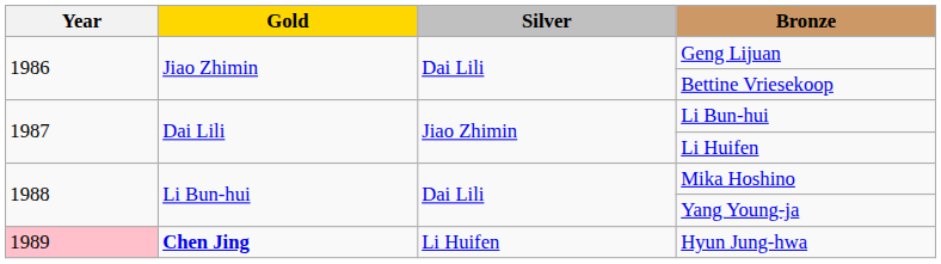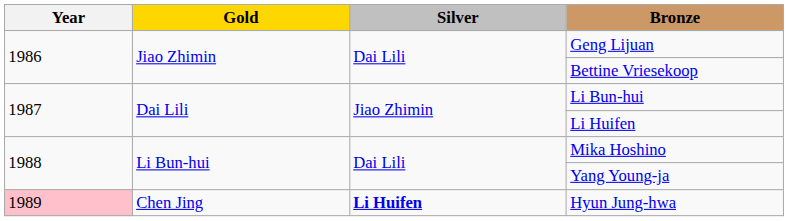 <table class="wikitable" style="text-align: left; width: 750px;">
 <tr>
 <th width="100">Year</th>
 <th width="175" style="background-color: gold">Gold</th>
 <th width="175" style="background-color: silver">Silver</th>
 <th width="175" style="background-color: #cc9966">Bronze</th>
 </tr>
 <tr>
 <td rowspan=2>1986</td>
 <td rowspan=2> <a href='#'>Jiao Zhimin</a></td>
 <td rowspan=2> <a href='#'>Dai Lili</a></td>
 <td> <a href='#'>Geng Lijuan</a></td>
 </tr>
 <tr>
 <td> <a href='#'>Bettine Vriesekoop</a></td>
 </tr>
 <tr>
 <td rowspan=2>1987</td>
 <td rowspan=2> <a href='#'>Dai Lili</a></td>
 <td rowspan=2> <a href='#'>Jiao Zhimin</a></td>
 <td> <a href='#'>Li Bun-hui</a></td>
 </tr>
 <tr>
 <td> <a href='#'>Li Huifen</a></td>
 </tr>
 <tr>
 <td rowspan=2>1988</td>
 <td rowspan=2> <a href='#'>Li Bun-hui</a></td>
 <td rowspan=2> <a href='#'>Dai Lili</a></td>
 <td> <a href='#'>Mika Hoshino</a></td>
 </tr>
 <tr>
 <td> <a href='#'>Yang Young-ja</a></td>
 </tr>
 <tr>
 <td style="background: pink;">1989</td>
-<td><strong> <a href='#'>Chen Jing</a></strong></td>
-<td> <a href='#'>Li Huifen</a></td>
+<td> <a href='#'>Chen Jing</a></td>
+<td><strong> <a href='#'>Li Huifen</a></strong></td>
 <td> <a href='#'>Hyun Jung-hwa</a></td>
 </tr>
 </table>
